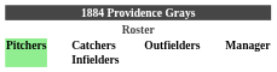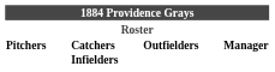 <table class="toccolours" style="font-size: 95%;">
 <tr>
 <th colspan="10" style="background-color: #464646; color: white; text-align: center;">1884 Providence Grays</th>
 </tr>
 <tr>
 <td colspan="10" style="background-color: white; color: #464646; text-align: center;"><strong>Roster</strong></td>
 </tr>
 <tr>
-<td valign="top" style="background: lightgreen;"><strong>Pitchers</strong><br>     </td>
+<td valign="top"><strong>Pitchers</strong><br>     </td>
 <td width="25px"></td>
 <td valign="top"><strong>Catchers</strong><br>   <strong>Infielders</strong>     </td>
 <td width="25px"></td>
 <td valign="top"><strong>Outfielders</strong><br>  </td>
 <td width="25px"></td>
 <td valign="top"><strong>Manager</strong><br></td>
 </tr>
 </table>
